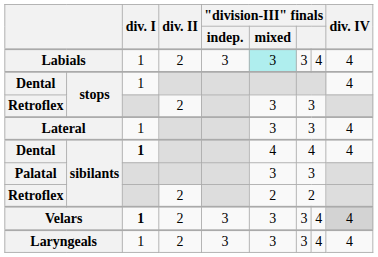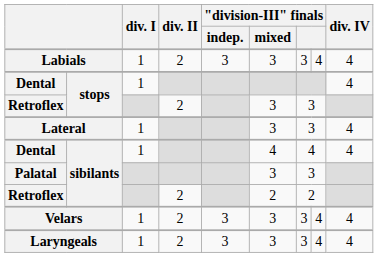 <table class="wikitable" style="margin: 1em auto 1em auto; text-align: center;">
 <tr>
 <th colspan="2" rowspan="2"></th>
 <th rowspan="2">div. I</th>
 <th rowspan="2">div. II</th>
 <th colspan="4">"division-III" finals</th>
 <th rowspan="2">div. IV</th>
 </tr>
 <tr>
 <th>indep.</th>
 <th>mixed</th>
 <th colspan="2"></th>
 </tr>
 <tr style="border-top: 2px solid #aaa;">
 <th colspan="2">Labials</th>
 <td>1</td>
 <td>2</td>
 <td>3</td>
-<td style="background: paleturquoise;">3</td>
+<td>3</td>
 <td>3</td>
 <td>4</td>
 <td>4</td>
 </tr>
 <tr style="border-top: 2px solid #aaa;">
 <th>Dental</th>
 <th rowspan="2">stops</th>
 <td>1</td>
 <td style="background-color:#ddd"></td>
 <td style="background-color:#ddd"></td>
 <td style="background-color:#ddd"></td>
 <td style="background-color:#ddd" colspan="2"></td>
 <td>4</td>
 </tr>
 <tr>
 <th>Retroflex</th>
 <td style="background-color:#ddd"></td>
 <td>2</td>
 <td style="background-color:#ddd"></td>
 <td>3</td>
 <td colspan="2">3</td>
 <td style="background-color:#ddd"></td>
 </tr>
 <tr style="border-top: 2px solid #aaa;">
 <th colspan="2">Lateral</th>
 <td>1</td>
 <td style="background-color:#ddd"></td>
 <td style="background-color:#ddd"></td>
 <td>3</td>
 <td colspan="2">3</td>
 <td>4</td>
 </tr>
 <tr style="border-top: 2px solid #aaa;">
 <th>Dental</th>
 <th rowspan="3">sibilants</th>
-<td><strong>1</strong></td>
+<td>1</td>
 <td style="background-color:#ddd"></td>
 <td style="background-color:#ddd"></td>
 <td>4</td>
 <td colspan="2">4</td>
 <td>4</td>
 </tr>
 <tr>
 <th>Palatal</th>
 <td style="background-color:#ddd"></td>
 <td style="background-color:#ddd"></td>
 <td style="background-color:#ddd"></td>
 <td>3</td>
 <td colspan="2">3</td>
 <td style="background-color:#ddd"></td>
 </tr>
 <tr>
 <th>Retroflex</th>
 <td style="background-color:#ddd"></td>
 <td>2</td>
 <td style="background-color:#ddd"></td>
 <td>2</td>
 <td colspan="2">2</td>
 <td style="background-color:#ddd"></td>
 </tr>
 <tr style="border-top: 2px solid #aaa;">
 <th colspan="2">Velars</th>
-<td><strong>1</strong></td>
+<td>1</td>
 <td>2</td>
 <td>3</td>
 <td>3</td>
 <td>3</td>
 <td>4</td>
-<td style="background: lightgrey;">4</td>
+<td>4</td>
 </tr>
 <tr style="border-top: 2px solid #aaa;">
 <th colspan="2">Laryngeals</th>
 <td>1</td>
 <td>2</td>
 <td>3</td>
 <td>3</td>
 <td>3</td>
 <td>4</td>
 <td>4</td>
 </tr>
 </table>
